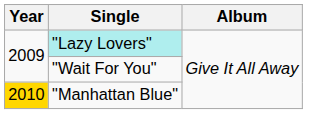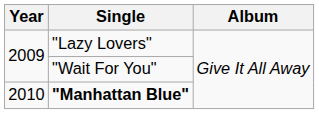 <table class="wikitable" style="text-align:center;">
 <tr>
 <th>Year</th>
 <th>Single</th>
 <th>Album</th>
 </tr>
 <tr>
 <td rowspan="2">2009</td>
-<td style="background: paleturquoise; text-align:left;">"Lazy Lovers"</td>
+<td style="text-align:left;">"Lazy Lovers"</td>
 <td rowspan="3"><em>Give It All Away</em></td>
 </tr>
 <tr>
 <td style="text-align:left;">"Wait For You"</td>
 </tr>
 <tr>
-<td style="background: gold;">2010</td>
-<td style="text-align:left;">"Manhattan Blue"</td>
+<td>2010</td>
+<td style="text-align:left;"><strong>"Manhattan Blue"</strong></td>
 </tr>
 </table>
